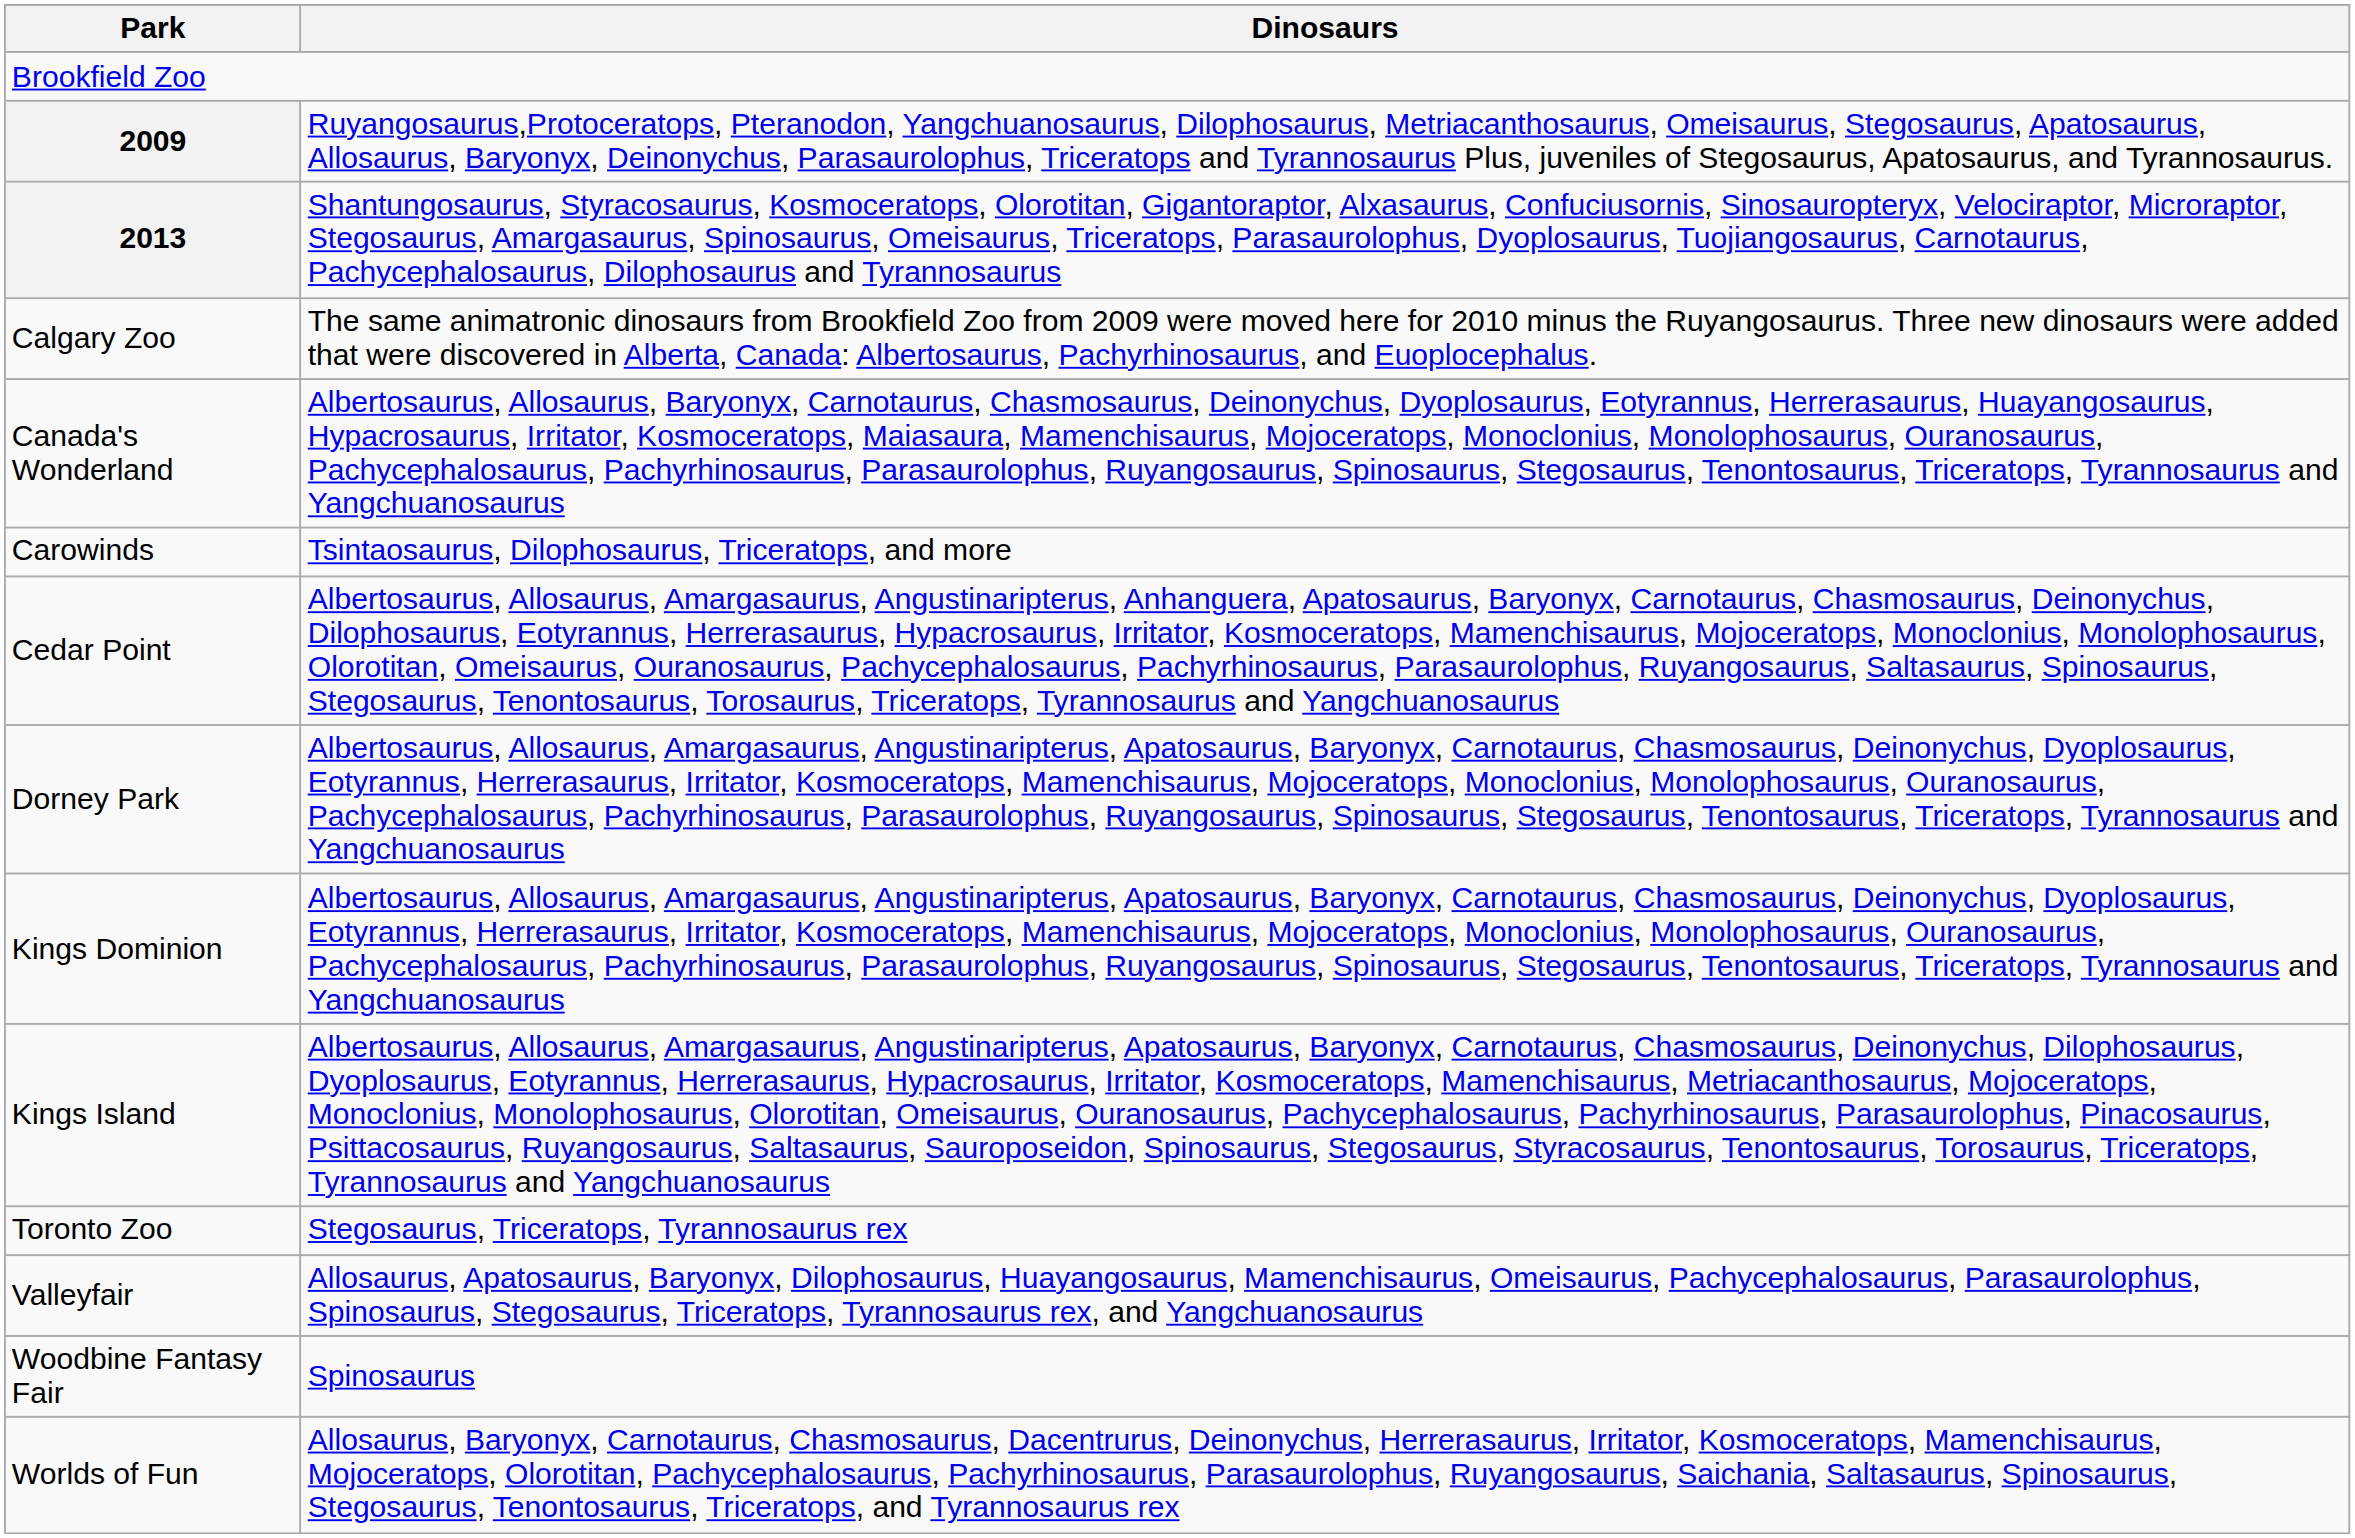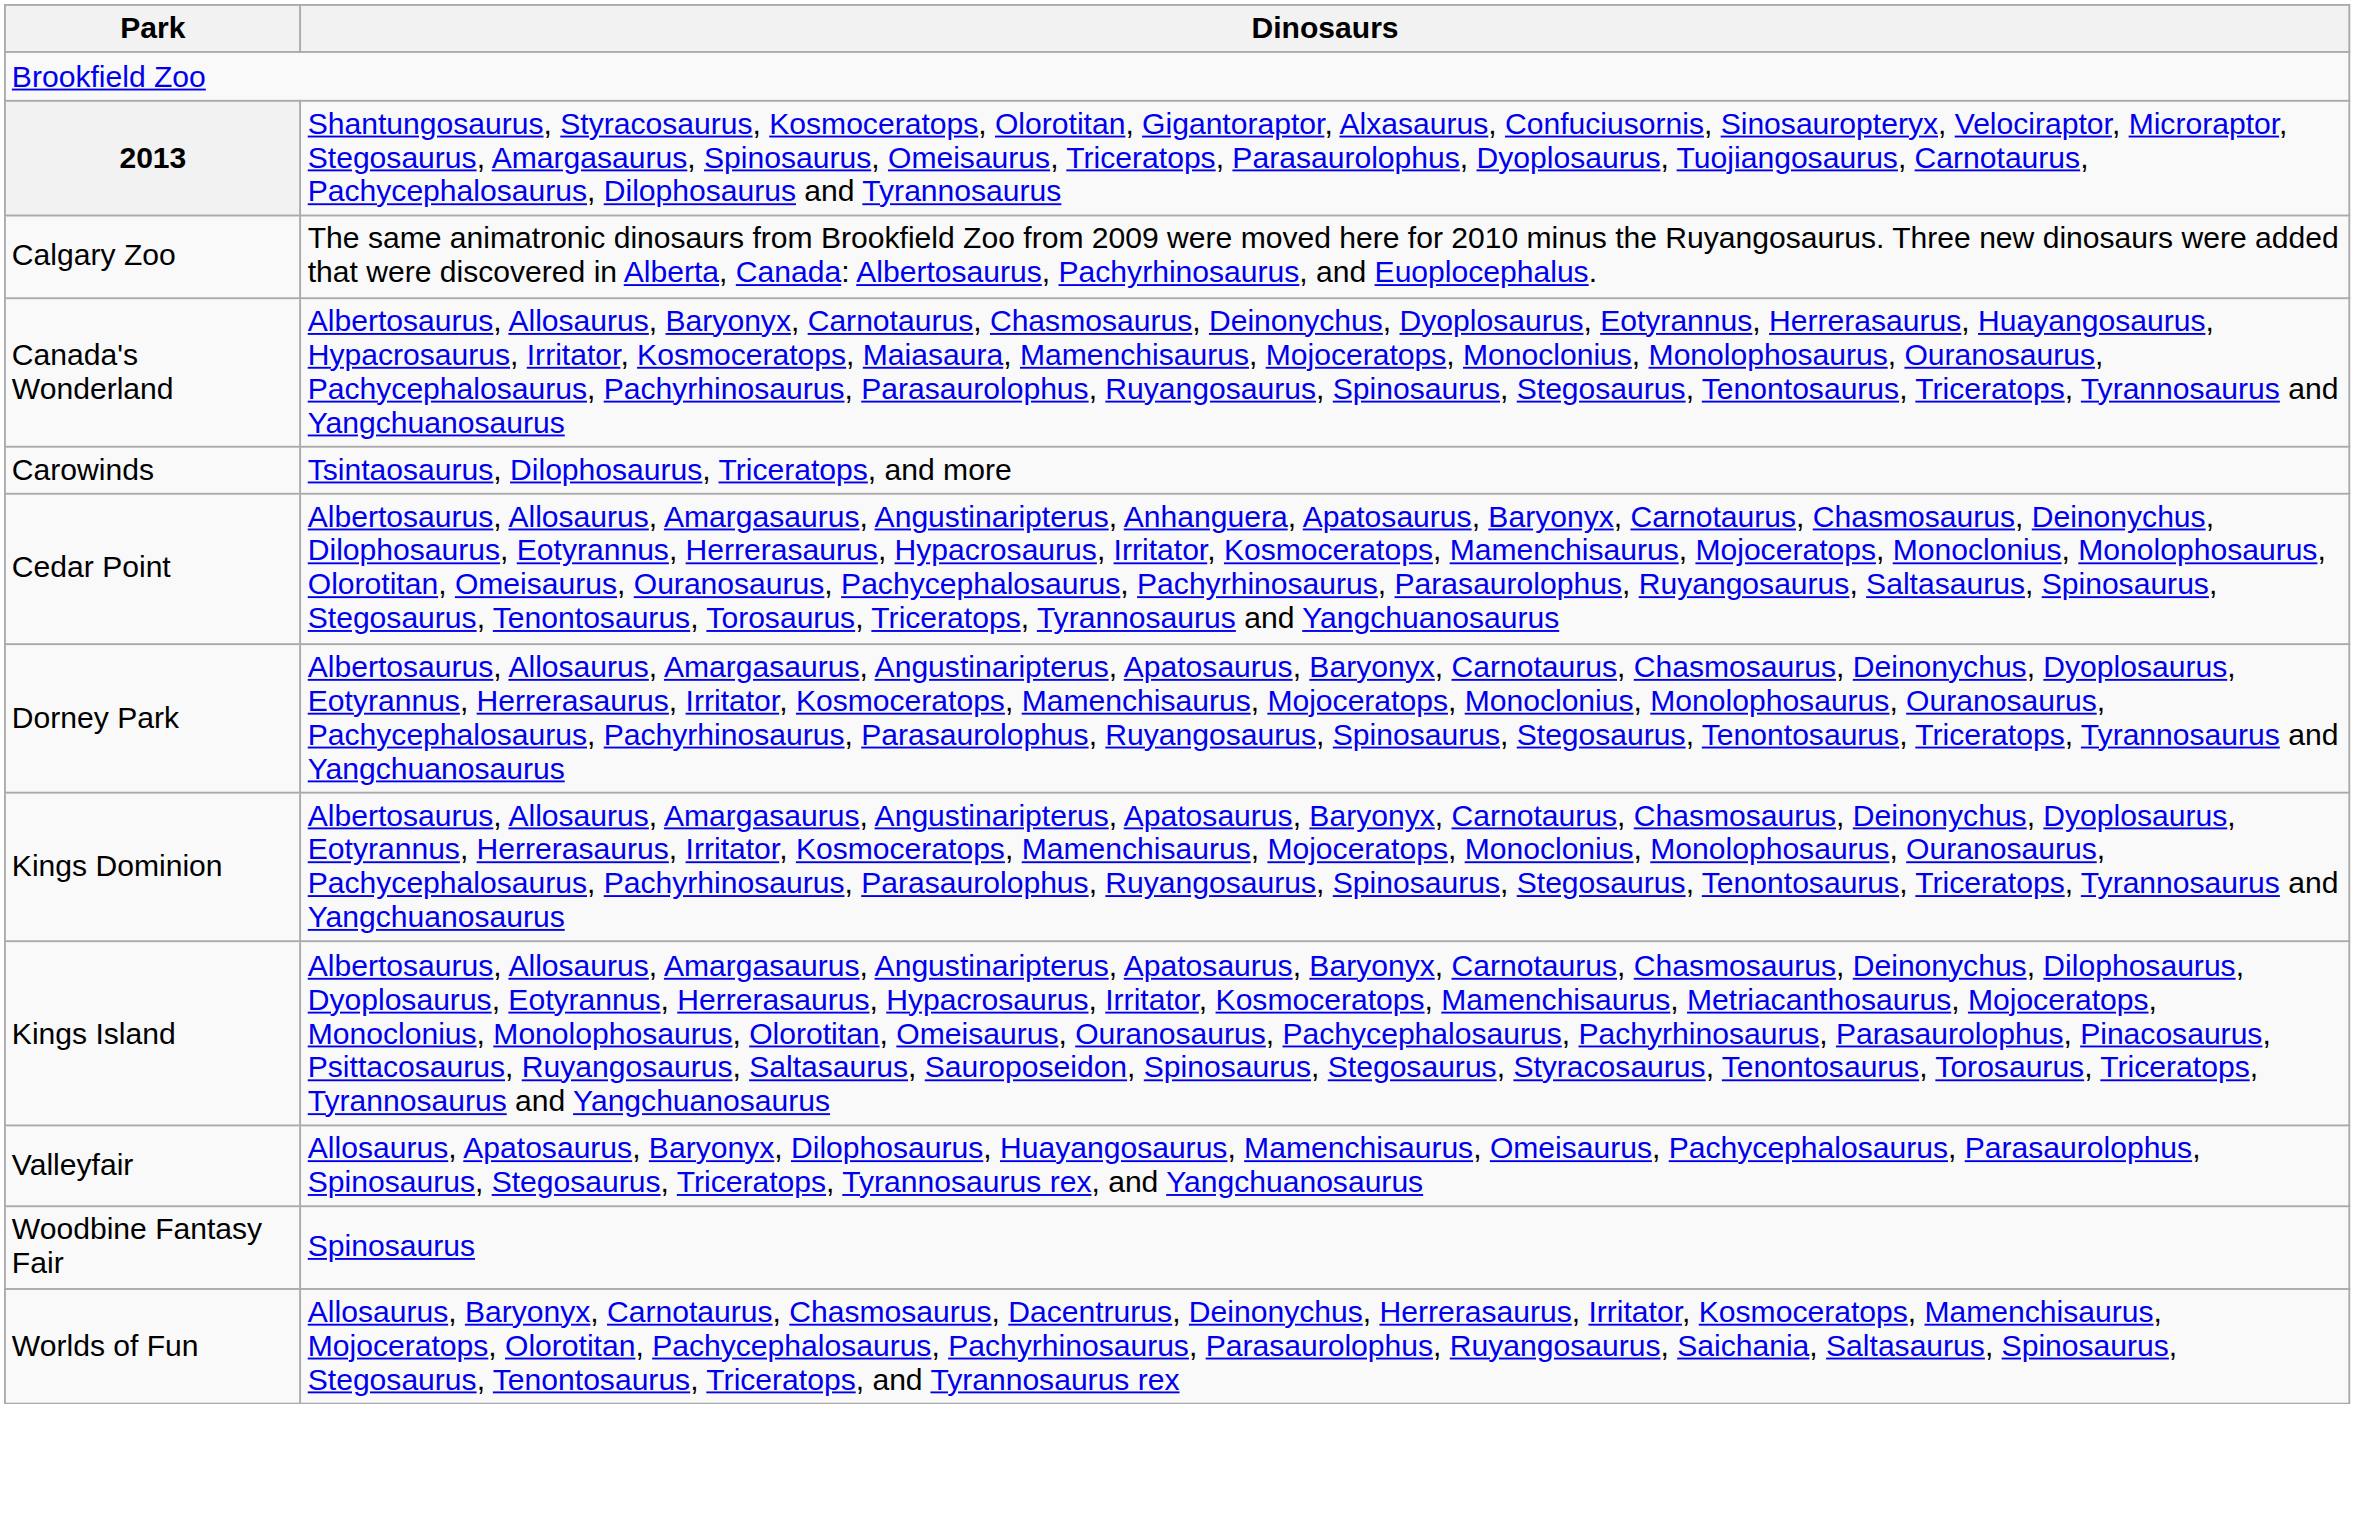 <table class="wikitable">
 <tr>
 <th style="width:150px;">Park</th>
 <th>Dinosaurs</th>
 </tr>
 <tr>
 <td colspan="2”"><a href='#'>Brookfield Zoo</a></td>
-</tr>
-<tr>
-<th>2009</th>
-<td><a href='#'>Ruyangosaurus</a>,<a href='#'>Protoceratops</a>, <a href='#'>Pteranodon</a>, <a href='#'>Yangchuanosaurus</a>, <a href='#'>Dilophosaurus</a>, <a href='#'>Metriacanthosaurus</a>, <a href='#'>Omeisaurus</a>, <a href='#'>Stegosaurus</a>, <a href='#'>Apatosaurus</a>, <a href='#'>Allosaurus</a>, <a href='#'>Baryonyx</a>, <a href='#'>Deinonychus</a>, <a href='#'>Parasaurolophus</a>, <a href='#'>Triceratops</a> and <a href='#'>Tyrannosaurus</a> Plus, juveniles of Stegosaurus, Apatosaurus, and Tyrannosaurus.</td>
 </tr>
 <tr>
 <th>2013</th>
 <td><a href='#'>Shantungosaurus</a>, <a href='#'>Styracosaurus</a>, <a href='#'>Kosmoceratops</a>, <a href='#'>Olorotitan</a>, <a href='#'>Gigantoraptor</a>, <a href='#'>Alxasaurus</a>, <a href='#'>Confuciusornis</a>, <a href='#'>Sinosauropteryx</a>, <a href='#'>Velociraptor</a>, <a href='#'>Microraptor</a>, <a href='#'>Stegosaurus</a>, <a href='#'>Amargasaurus</a>, <a href='#'>Spinosaurus</a>, <a href='#'>Omeisaurus</a>, <a href='#'>Triceratops</a>, <a href='#'>Parasaurolophus</a>, <a href='#'>Dyoplosaurus</a>, <a href='#'>Tuojiangosaurus</a>, <a href='#'>Carnotaurus</a>, <a href='#'>Pachycephalosaurus</a>, <a href='#'>Dilophosaurus</a> and <a href='#'>Tyrannosaurus</a></td>
 </tr>
 <tr |->
 <td>Calgary Zoo</td>
 <td>The same animatronic dinosaurs from Brookfield Zoo from 2009 were moved here for 2010 minus the Ruyangosaurus. Three new dinosaurs were added that were discovered in <a href='#'>Alberta</a>, <a href='#'>Canada</a>: <a href='#'>Albertosaurus</a>, <a href='#'>Pachyrhinosaurus</a>, and <a href='#'>Euoplocephalus</a>.</td>
 </tr>
 <tr>
 <td>Canada's Wonderland</td>
 <td><a href='#'>Albertosaurus</a>, <a href='#'>Allosaurus</a>, <a href='#'>Baryonyx</a>, <a href='#'>Carnotaurus</a>, <a href='#'>Chasmosaurus</a>, <a href='#'>Deinonychus</a>, <a href='#'>Dyoplosaurus</a>, <a href='#'>Eotyrannus</a>, <a href='#'>Herrerasaurus</a>, <a href='#'>Huayangosaurus</a>, <a href='#'>Hypacrosaurus</a>, <a href='#'>Irritator</a>, <a href='#'>Kosmoceratops</a>, <a href='#'>Maiasaura</a>, <a href='#'>Mamenchisaurus</a>, <a href='#'>Mojoceratops</a>, <a href='#'>Monoclonius</a>, <a href='#'>Monolophosaurus</a>, <a href='#'>Ouranosaurus</a>, <a href='#'>Pachycephalosaurus</a>, <a href='#'>Pachyrhinosaurus</a>, <a href='#'>Parasaurolophus</a>, <a href='#'>Ruyangosaurus</a>, <a href='#'>Spinosaurus</a>, <a href='#'>Stegosaurus</a>, <a href='#'>Tenontosaurus</a>, <a href='#'>Triceratops</a>, <a href='#'>Tyrannosaurus</a> and <a href='#'>Yangchuanosaurus</a></td>
 </tr>
 <tr>
 <td>Carowinds</td>
 <td><a href='#'>Tsintaosaurus</a>, <a href='#'>Dilophosaurus</a>, <a href='#'>Triceratops</a>, and more</td>
 </tr>
 <tr>
 <td>Cedar Point</td>
 <td><a href='#'>Albertosaurus</a>, <a href='#'>Allosaurus</a>, <a href='#'>Amargasaurus</a>, <a href='#'>Angustinaripterus</a>, <a href='#'>Anhanguera</a>, <a href='#'>Apatosaurus</a>, <a href='#'>Baryonyx</a>, <a href='#'>Carnotaurus</a>, <a href='#'>Chasmosaurus</a>, <a href='#'>Deinonychus</a>, <a href='#'>Dilophosaurus</a>, <a href='#'>Eotyrannus</a>, <a href='#'>Herrerasaurus</a>, <a href='#'>Hypacrosaurus</a>, <a href='#'>Irritator</a>, <a href='#'>Kosmoceratops</a>, <a href='#'>Mamenchisaurus</a>, <a href='#'>Mojoceratops</a>, <a href='#'>Monoclonius</a>, <a href='#'>Monolophosaurus</a>, <a href='#'>Olorotitan</a>, <a href='#'>Omeisaurus</a>, <a href='#'>Ouranosaurus</a>, <a href='#'>Pachycephalosaurus</a>, <a href='#'>Pachyrhinosaurus</a>, <a href='#'>Parasaurolophus</a>, <a href='#'>Ruyangosaurus</a>, <a href='#'>Saltasaurus</a>, <a href='#'>Spinosaurus</a>, <a href='#'>Stegosaurus</a>, <a href='#'>Tenontosaurus</a>, <a href='#'>Torosaurus</a>, <a href='#'>Triceratops</a>, <a href='#'>Tyrannosaurus</a> and <a href='#'>Yangchuanosaurus</a></td>
 </tr>
 <tr>
 <td>Dorney Park</td>
 <td><a href='#'>Albertosaurus</a>, <a href='#'>Allosaurus</a>, <a href='#'>Amargasaurus</a>, <a href='#'>Angustinaripterus</a>, <a href='#'>Apatosaurus</a>, <a href='#'>Baryonyx</a>, <a href='#'>Carnotaurus</a>, <a href='#'>Chasmosaurus</a>, <a href='#'>Deinonychus</a>, <a href='#'>Dyoplosaurus</a>, <a href='#'>Eotyrannus</a>, <a href='#'>Herrerasaurus</a>, <a href='#'>Irritator</a>, <a href='#'>Kosmoceratops</a>, <a href='#'>Mamenchisaurus</a>, <a href='#'>Mojoceratops</a>, <a href='#'>Monoclonius</a>, <a href='#'>Monolophosaurus</a>, <a href='#'>Ouranosaurus</a>, <a href='#'>Pachycephalosaurus</a>, <a href='#'>Pachyrhinosaurus</a>, <a href='#'>Parasaurolophus</a>, <a href='#'>Ruyangosaurus</a>, <a href='#'>Spinosaurus</a>, <a href='#'>Stegosaurus</a>, <a href='#'>Tenontosaurus</a>, <a href='#'>Triceratops</a>, <a href='#'>Tyrannosaurus</a> and <a href='#'>Yangchuanosaurus</a></td>
 </tr>
 <tr>
 <td>Kings Dominion</td>
 <td><a href='#'>Albertosaurus</a>, <a href='#'>Allosaurus</a>, <a href='#'>Amargasaurus</a>, <a href='#'>Angustinaripterus</a>, <a href='#'>Apatosaurus</a>, <a href='#'>Baryonyx</a>, <a href='#'>Carnotaurus</a>, <a href='#'>Chasmosaurus</a>, <a href='#'>Deinonychus</a>, <a href='#'>Dyoplosaurus</a>, <a href='#'>Eotyrannus</a>, <a href='#'>Herrerasaurus</a>, <a href='#'>Irritator</a>, <a href='#'>Kosmoceratops</a>, <a href='#'>Mamenchisaurus</a>, <a href='#'>Mojoceratops</a>, <a href='#'>Monoclonius</a>, <a href='#'>Monolophosaurus</a>, <a href='#'>Ouranosaurus</a>, <a href='#'>Pachycephalosaurus</a>, <a href='#'>Pachyrhinosaurus</a>, <a href='#'>Parasaurolophus</a>, <a href='#'>Ruyangosaurus</a>, <a href='#'>Spinosaurus</a>, <a href='#'>Stegosaurus</a>, <a href='#'>Tenontosaurus</a>, <a href='#'>Triceratops</a>, <a href='#'>Tyrannosaurus</a> and <a href='#'>Yangchuanosaurus</a></td>
 </tr>
 <tr>
 <td>Kings Island</td>
 <td><a href='#'>Albertosaurus</a>, <a href='#'>Allosaurus</a>, <a href='#'>Amargasaurus</a>, <a href='#'>Angustinaripterus</a>, <a href='#'>Apatosaurus</a>, <a href='#'>Baryonyx</a>, <a href='#'>Carnotaurus</a>, <a href='#'>Chasmosaurus</a>, <a href='#'>Deinonychus</a>, <a href='#'>Dilophosaurus</a>, <a href='#'>Dyoplosaurus</a>, <a href='#'>Eotyrannus</a>, <a href='#'>Herrerasaurus</a>, <a href='#'>Hypacrosaurus</a>, <a href='#'>Irritator</a>, <a href='#'>Kosmoceratops</a>, <a href='#'>Mamenchisaurus</a>, <a href='#'>Metriacanthosaurus</a>, <a href='#'>Mojoceratops</a>, <a href='#'>Monoclonius</a>, <a href='#'>Monolophosaurus</a>, <a href='#'>Olorotitan</a>, <a href='#'>Omeisaurus</a>, <a href='#'>Ouranosaurus</a>, <a href='#'>Pachycephalosaurus</a>, <a href='#'>Pachyrhinosaurus</a>, <a href='#'>Parasaurolophus</a>, <a href='#'>Pinacosaurus</a>, <a href='#'>Psittacosaurus</a>, <a href='#'>Ruyangosaurus</a>, <a href='#'>Saltasaurus</a>, <a href='#'>Sauroposeidon</a>, <a href='#'>Spinosaurus</a>, <a href='#'>Stegosaurus</a>, <a href='#'>Styracosaurus</a>, <a href='#'>Tenontosaurus</a>, <a href='#'>Torosaurus</a>, <a href='#'>Triceratops</a>, <a href='#'>Tyrannosaurus</a> and <a href='#'>Yangchuanosaurus</a></td>
 </tr>
 <tr>
-<td>Toronto Zoo</td>
-<td><a href='#'>Stegosaurus</a>, <a href='#'>Triceratops</a>, <a href='#'>Tyrannosaurus rex</a></td>
-</tr>
-<tr>
 <td>Valleyfair</td>
 <td><a href='#'>Allosaurus</a>, <a href='#'>Apatosaurus</a>, <a href='#'>Baryonyx</a>, <a href='#'>Dilophosaurus</a>, <a href='#'>Huayangosaurus</a>, <a href='#'>Mamenchisaurus</a>, <a href='#'>Omeisaurus</a>, <a href='#'>Pachycephalosaurus</a>, <a href='#'>Parasaurolophus</a>, <a href='#'>Spinosaurus</a>, <a href='#'>Stegosaurus</a>, <a href='#'>Triceratops</a>, <a href='#'>Tyrannosaurus rex</a>, and <a href='#'>Yangchuanosaurus</a></td>
 </tr>
 <tr>
 <td>Woodbine Fantasy Fair</td>
 <td><a href='#'>Spinosaurus</a></td>
 </tr>
 <tr>
 <td>Worlds of Fun</td>
 <td><a href='#'>Allosaurus</a>, <a href='#'>Baryonyx</a>, <a href='#'>Carnotaurus</a>, <a href='#'>Chasmosaurus</a>, <a href='#'>Dacentrurus</a>, <a href='#'>Deinonychus</a>, <a href='#'>Herrerasaurus</a>, <a href='#'>Irritator</a>, <a href='#'>Kosmoceratops</a>, <a href='#'>Mamenchisaurus</a>, <a href='#'>Mojoceratops</a>, <a href='#'>Olorotitan</a>, <a href='#'>Pachycephalosaurus</a>, <a href='#'>Pachyrhinosaurus</a>, <a href='#'>Parasaurolophus</a>, <a href='#'>Ruyangosaurus</a>, <a href='#'>Saichania</a>, <a href='#'>Saltasaurus</a>, <a href='#'>Spinosaurus</a>, <a href='#'>Stegosaurus</a>, <a href='#'>Tenontosaurus</a>, <a href='#'>Triceratops</a>, and <a href='#'>Tyrannosaurus rex</a></td>
 </tr>
 </table>
